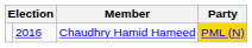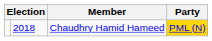 <table class="wikitable">
 <tr>
 <th colspan="2">Election</th>
 <th>Member</th>
 <th>Party</th>
 </tr>
 <tr>
 <td style="background-color: "></td>
-<td><a href='#'>2016</a></td>
+<td><a href='#'>2018</a></td>
 <td><a href='#'>Chaudhry Hamid Hameed</a></td>
 <td style="background: gold;"><a href='#'>PML (N)</a></td>
 </tr>
 </table>
